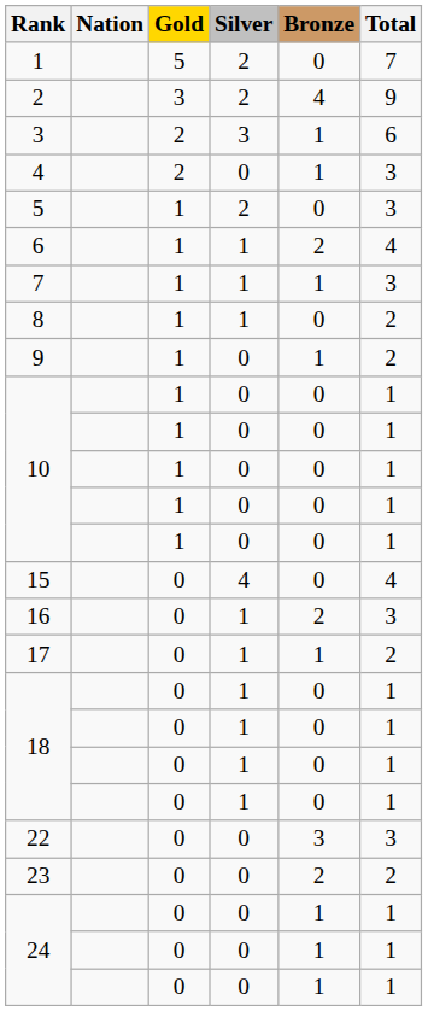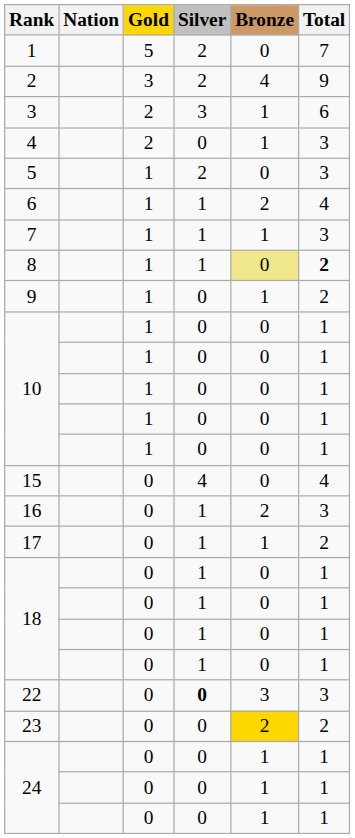 <table class="wikitable sortable" style="text-align:center">
 <tr>
 <th>Rank</th>
 <th>Nation</th>
 <th style="background-color:gold">Gold</th>
 <th style="background-color:silver">Silver</th>
 <th style="background-color:#cc9966">Bronze</th>
 <th>Total</th>
 </tr>
 <tr>
 <td>1</td>
 <td align=left></td>
 <td>5</td>
 <td>2</td>
 <td>0</td>
 <td>7</td>
 </tr>
 <tr>
 <td>2</td>
 <td align=left></td>
 <td>3</td>
 <td>2</td>
 <td>4</td>
 <td>9</td>
 </tr>
 <tr>
 <td>3</td>
 <td align=left></td>
 <td>2</td>
 <td>3</td>
 <td>1</td>
 <td>6</td>
 </tr>
 <tr>
 <td>4</td>
 <td align=left></td>
 <td>2</td>
 <td>0</td>
 <td>1</td>
 <td>3</td>
 </tr>
 <tr>
 <td>5</td>
 <td align=left></td>
 <td>1</td>
 <td>2</td>
 <td>0</td>
 <td>3</td>
 </tr>
 <tr>
 <td>6</td>
 <td align=left></td>
 <td>1</td>
 <td>1</td>
 <td>2</td>
 <td>4</td>
 </tr>
 <tr>
 <td>7</td>
 <td align=left></td>
 <td>1</td>
 <td>1</td>
 <td>1</td>
 <td>3</td>
 </tr>
 <tr>
 <td>8</td>
 <td align=left></td>
 <td>1</td>
 <td>1</td>
-<td>0</td>
-<td>2</td>
+<td style="background: khaki;">0</td>
+<td><strong>2</strong></td>
 </tr>
 <tr>
 <td>9</td>
 <td align=left></td>
 <td>1</td>
 <td>0</td>
 <td>1</td>
 <td>2</td>
 </tr>
 <tr>
 <td rowspan=5>10</td>
 <td align=left></td>
 <td>1</td>
 <td>0</td>
 <td>0</td>
 <td>1</td>
 </tr>
 <tr>
 <td align=left></td>
 <td>1</td>
 <td>0</td>
 <td>0</td>
 <td>1</td>
 </tr>
 <tr>
 <td align=left></td>
 <td>1</td>
 <td>0</td>
 <td>0</td>
 <td>1</td>
 </tr>
 <tr>
 <td align=left></td>
 <td>1</td>
 <td>0</td>
 <td>0</td>
 <td>1</td>
 </tr>
 <tr>
 <td align=left></td>
 <td>1</td>
 <td>0</td>
 <td>0</td>
 <td>1</td>
 </tr>
 <tr>
 <td>15</td>
 <td align="left"></td>
 <td>0</td>
 <td>4</td>
 <td>0</td>
 <td>4</td>
 </tr>
 <tr>
 <td>16</td>
 <td align="left"></td>
 <td>0</td>
 <td>1</td>
 <td>2</td>
 <td>3</td>
 </tr>
 <tr>
 <td>17</td>
 <td align="left"></td>
 <td>0</td>
 <td>1</td>
 <td>1</td>
 <td>2</td>
 </tr>
 <tr>
 <td rowspan="4">18</td>
 <td align="left"></td>
 <td>0</td>
 <td>1</td>
 <td>0</td>
 <td>1</td>
 </tr>
 <tr>
 <td align=left></td>
 <td>0</td>
 <td>1</td>
 <td>0</td>
 <td>1</td>
 </tr>
 <tr>
 <td align=left></td>
 <td>0</td>
 <td>1</td>
 <td>0</td>
 <td>1</td>
 </tr>
 <tr>
 <td align=left></td>
 <td>0</td>
 <td>1</td>
 <td>0</td>
 <td>1</td>
 </tr>
 <tr>
 <td>22</td>
 <td align="left"></td>
 <td>0</td>
-<td>0</td>
+<td><strong>0</strong></td>
 <td>3</td>
 <td>3</td>
 </tr>
 <tr>
 <td>23</td>
 <td align="left"></td>
 <td>0</td>
 <td>0</td>
-<td>2</td>
+<td style="background: gold;">2</td>
 <td>2</td>
 </tr>
 <tr>
 <td rowspan=3>24</td>
 <td align="left"></td>
 <td>0</td>
 <td>0</td>
 <td>1</td>
 <td>1</td>
 </tr>
 <tr>
 <td align=left></td>
 <td>0</td>
 <td>0</td>
 <td>1</td>
 <td>1</td>
 </tr>
 <tr>
 <td align=left></td>
 <td>0</td>
 <td>0</td>
 <td>1</td>
 <td>1</td>
 </tr>
 </table>
